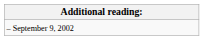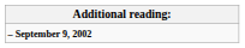 <table class="wikitable floatright" style="width: 20em;">
 <tr>
 <th>Additional reading:</th>
 </tr>
 <tr>
-<td><small> – September 9, 2002</small></td>
+<td><strong><small> – September 9, 2002</small></strong></td>
 </tr>
 </table>
